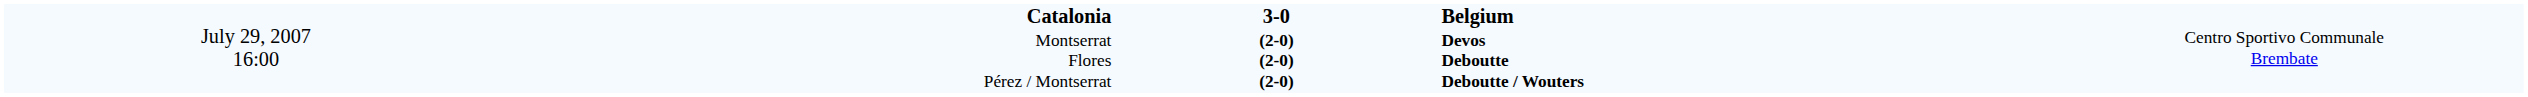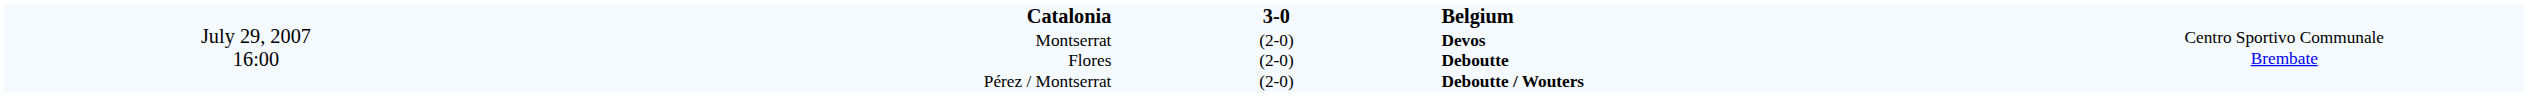 <table style="width: 100%; background:#F5FAFF;" cellspacing="0">
 <tr>
 <td align=center rowspan=3 width=20%>July 29, 2007<br>16:00</td>
 </tr>
 <tr>
 <td width=24% align=right><strong>Catalonia</strong></td>
 <td align=center width=13%><strong>3-0</strong></td>
 <td width=24%><strong>Belgium</strong></td>
 <td style=font-size:85% rowspan=3 valign=middle align=center>Centro Sportivo Communale<br><a href='#'>Brembate</a></td>
 </tr>
 <tr style=font-size:85%>
 <td align=right valign=top>Montserrat<br>Flores<br>Pérez / Montserrat</td>
-<td align=center><strong>(2-0)<br>(2-0)<br>(2-0)</strong></td>
+<td align=center>(2-0)<br>(2-0)<br>(2-0)</td>
 <td><strong>Devos<br>Deboutte<br>Deboutte / Wouters</strong></td>
 </tr>
 </table>
